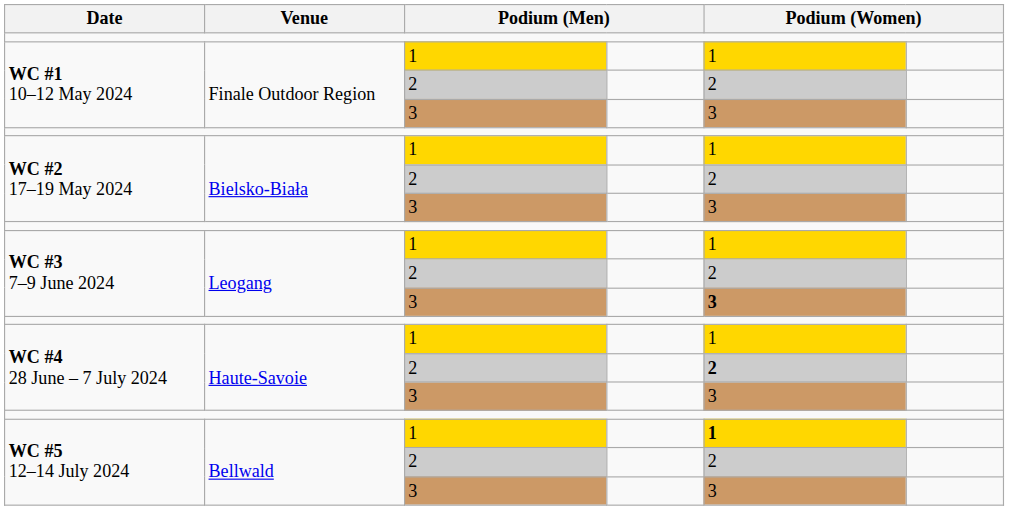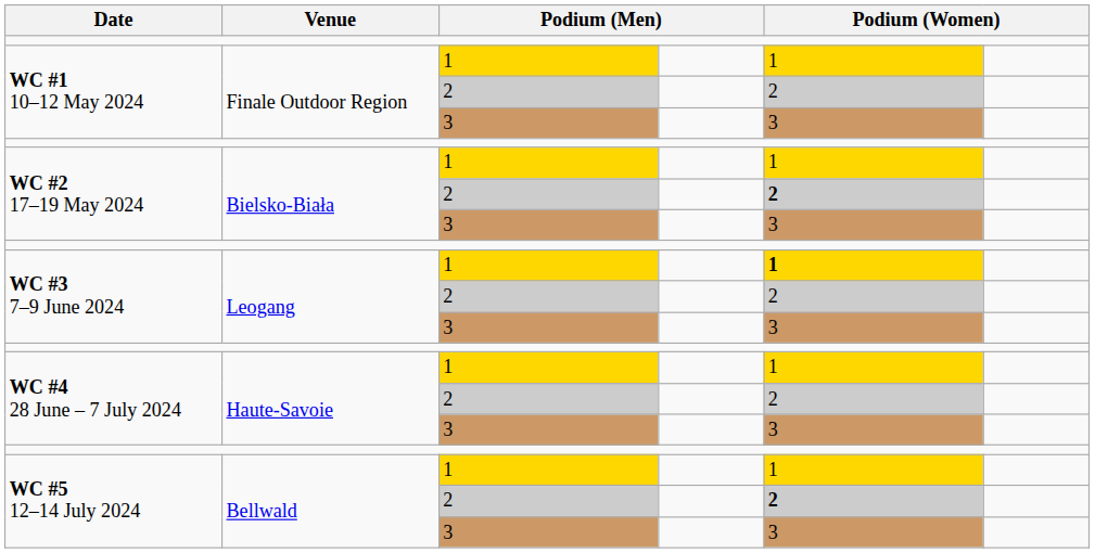 <table class="wikitable" width=70%>
 <tr>
 <th>Date</th>
 <th width=20%>Venue</th>
 <th colspan=2 width=30%>Podium (Men)</th>
 <th colspan=2 width=30%>Podium (Women)</th>
 </tr>
 <tr>
 <td colspan=6></td>
 </tr>
 <tr>
 <td rowspan=3><strong>WC #1</strong> <br> 10–12 May 2024</td>
 <td rowspan=3><br>Finale Outdoor Region</td>
 <td bgcolor=FFD700>1</td>
 <td></td>
 <td bgcolor=FFD700>1</td>
 <td></td>
 </tr>
 <tr>
 <td bgcolor=CCCCCC>2</td>
 <td></td>
 <td bgcolor=CCCCCC>2</td>
 <td></td>
 </tr>
 <tr>
 <td bgcolor=CC9966>3</td>
 <td></td>
 <td bgcolor=CC9966>3</td>
 <td></td>
 </tr>
 <tr>
 <td colspan=6></td>
 </tr>
 <tr>
 <td rowspan=3><strong>WC #2</strong> <br> 17–19 May 2024</td>
 <td rowspan=3><br><a href='#'>Bielsko-Biała</a></td>
 <td bgcolor=FFD700>1</td>
 <td></td>
 <td bgcolor=FFD700>1</td>
 <td></td>
 </tr>
 <tr>
 <td bgcolor=CCCCCC>2</td>
 <td></td>
-<td bgcolor=CCCCCC>2</td>
+<td bgcolor=CCCCCC><strong>2</strong></td>
 <td></td>
 </tr>
 <tr>
 <td bgcolor=CC9966>3</td>
 <td></td>
 <td bgcolor=CC9966>3</td>
 <td></td>
 </tr>
 <tr>
 <td colspan=6></td>
 </tr>
 <tr>
 <td rowspan=3><strong>WC #3</strong> <br> 7–9 June 2024</td>
 <td rowspan=3><br><a href='#'>Leogang</a></td>
 <td bgcolor=FFD700>1</td>
 <td></td>
+<td bgcolor=FFD700><strong>1</strong></td>
+<td></td>
+</tr>
+<tr>
+<td bgcolor=CCCCCC>2</td>
+<td></td>
+<td bgcolor=CCCCCC>2</td>
+<td></td>
+</tr>
+<tr>
+<td bgcolor=CC9966>3</td>
+<td></td>
+<td bgcolor=CC9966>3</td>
+<td></td>
+</tr>
+<tr>
+<td colspan=6></td>
+</tr>
+<tr>
+<td rowspan=3><strong>WC #4</strong> <br> 28 June – 7 July 2024</td>
+<td rowspan=3><br><a href='#'>Haute-Savoie</a></td>
+<td bgcolor=FFD700>1</td>
+<td></td>
 <td bgcolor=FFD700>1</td>
 <td></td>
 </tr>
 <tr>
 <td bgcolor=CCCCCC>2</td>
 <td></td>
 <td bgcolor=CCCCCC>2</td>
 <td></td>
 </tr>
 <tr>
 <td bgcolor=CC9966>3</td>
 <td></td>
-<td bgcolor=CC9966><strong>3</strong></td>
+<td bgcolor=CC9966>3</td>
 <td></td>
 </tr>
 <tr>
 <td colspan=6></td>
 </tr>
 <tr>
-<td rowspan=3><strong>WC #4</strong> <br> 28 June – 7 July 2024</td>
-<td rowspan=3><br><a href='#'>Haute-Savoie</a></td>
+<td rowspan=3><strong>WC #5</strong> <br> 12–14 July 2024</td>
+<td rowspan=3><br><a href='#'>Bellwald</a></td>
 <td bgcolor=FFD700>1</td>
 <td></td>
 <td bgcolor=FFD700>1</td>
 <td></td>
 </tr>
 <tr>
 <td bgcolor=CCCCCC>2</td>
 <td></td>
 <td bgcolor=CCCCCC><strong>2</strong></td>
 <td></td>
 </tr>
 <tr>
 <td bgcolor=CC9966>3</td>
 <td></td>
 <td bgcolor=CC9966>3</td>
 <td></td>
 </tr>
-<tr>
-<td colspan=6></td>
-</tr>
-<tr>
-<td rowspan=3><strong>WC #5</strong> <br> 12–14 July 2024</td>
-<td rowspan=3><br><a href='#'>Bellwald</a></td>
-<td bgcolor=FFD700>1</td>
-<td></td>
-<td bgcolor=FFD700><strong>1</strong></td>
-<td></td>
-</tr>
-<tr>
-<td bgcolor=CCCCCC>2</td>
-<td></td>
-<td bgcolor=CCCCCC>2</td>
-<td></td>
-</tr>
-<tr>
-<td bgcolor=CC9966>3</td>
-<td></td>
-<td bgcolor=CC9966>3</td>
-<td></td>
-</tr>
 </table>
